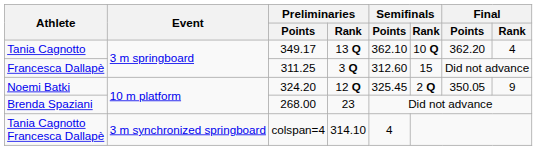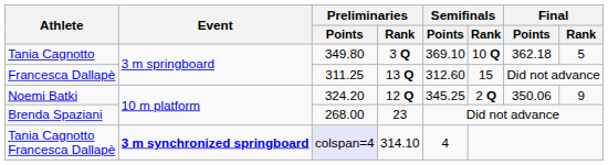 <table class="wikitable" style="font-size:90%">
 <tr>
 <th rowspan="2">Athlete</th>
 <th rowspan="2">Event</th>
 <th colspan=2>Preliminaries</th>
 <th colspan=2>Semifinals</th>
 <th colspan=2>Final</th>
 </tr>
 <tr style="font-size:95%">
 <th>Points</th>
 <th>Rank</th>
 <th>Points</th>
 <th>Rank</th>
 <th>Points</th>
 <th>Rank</th>
 </tr>
 <tr align=center>
 <td align=left><a href='#'>Tania Cagnotto</a></td>
 <td align=left rowspan=2><a href='#'>3 m springboard</a></td>
-<td>349.17</td>
-<td>13 <strong>Q</strong></td>
-<td>362.10</td>
+<td>349.80</td>
+<td>3 <strong>Q</strong></td>
+<td>369.10</td>
 <td>10 <strong>Q</strong></td>
-<td>362.20</td>
-<td>4</td>
+<td>362.18</td>
+<td>5</td>
 </tr>
 <tr align=center>
 <td align=left><a href='#'>Francesca Dallapè</a></td>
 <td>311.25</td>
-<td>3 <strong>Q</strong></td>
+<td>13 <strong>Q</strong></td>
 <td>312.60</td>
 <td>15</td>
 <td colspan=2>Did not advance</td>
 </tr>
 <tr align=center>
 <td align=left><a href='#'>Noemi Batki</a></td>
 <td align=left rowspan=2><a href='#'>10 m platform</a></td>
 <td>324.20</td>
 <td>12 <strong>Q</strong></td>
-<td>325.45</td>
+<td>345.25</td>
 <td>2 <strong>Q</strong></td>
-<td>350.05</td>
+<td>350.06</td>
 <td>9</td>
 </tr>
 <tr align=center>
 <td align=left><a href='#'>Brenda Spaziani</a></td>
 <td>268.00</td>
 <td>23</td>
 <td colspan=4>Did not advance</td>
 </tr>
 <tr align=center>
 <td align=left><a href='#'>Tania Cagnotto</a><br><a href='#'>Francesca Dallapè</a></td>
-<td align=left><a href='#'>3 m synchronized springboard</a></td>
-<td>colspan=4 </td>
+<td align=left><strong><a href='#'>3 m synchronized springboard</a></strong></td>
+<td style="background: lavender;">colspan=4 </td>
 <td>314.10</td>
 <td>4</td>
 </tr>
 </table>
